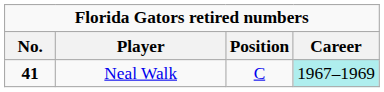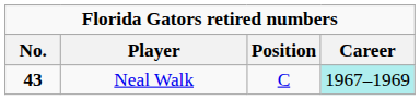 <table class="wikitable sortable" style="text-align:center">
 <tr>
 <td colspan="5"><strong>Florida Gators retired numbers</strong></td>
 </tr>
 <tr>
 <th width=40px>No.</th>
 <th width=150px>Player</th>
 <th width=40px>Position</th>
 <th width=px>Career</th>
 </tr>
 <tr>
-<td><strong>41</strong></td>
+<td><strong>43</strong></td>
 <td><a href='#'>Neal Walk</a></td>
 <td><a href='#'>C</a></td>
 <td style="background: paleturquoise;">1967–1969</td>
 </tr>
 </table>
